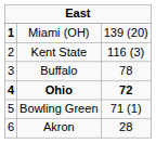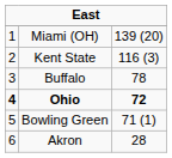 <table class="wikitable" style="display: inline-table;">
 <tr align="center">
 <td align="center" Colspan="3"><strong>East</strong></td>
 </tr>
 <tr align="center">
 </tr>
 <tr align="center">
-<td><strong>1</strong></td>
+<td>1</td>
 <td>Miami (OH)</td>
 <td>139 (20)</td>
 </tr>
 <tr align="center">
 <td>2</td>
 <td>Kent State</td>
 <td>116 (3)</td>
 </tr>
 <tr align="center">
 <td>3</td>
 <td>Buffalo</td>
 <td>78</td>
 </tr>
 <tr align="center">
 <td><strong>4</strong></td>
 <td><strong>Ohio</strong></td>
 <td><strong>72</strong></td>
 </tr>
 <tr align="center">
 <td>5</td>
 <td>Bowling Green</td>
 <td>71 (1)</td>
 </tr>
 <tr align="center">
 <td>6</td>
 <td>Akron</td>
 <td>28</td>
 </tr>
 </table>
